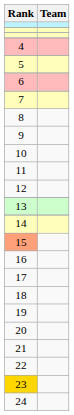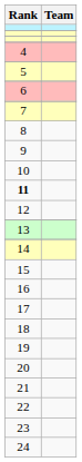 <table class="wikitable" style="text-align: center;">
 <tr>
 <th width=40>Rank</th>
 <th>Team</th>
 </tr>
 <tr bgcolor=BBF3FF>
 <td></td>
 <td align=left></td>
 </tr>
 <tr>
 </tr>
 <tr bgcolor=FFFFBB>
 <td></td>
 <td align=left></td>
 </tr>
 <tr>
 </tr>
 <tr bgcolor=FFFFBB>
 <td></td>
 <td align=left></td>
 </tr>
 <tr>
 </tr>
 <tr bgcolor=FFBBBB>
 <td>4</td>
 <td align=left></td>
 </tr>
 <tr>
 </tr>
 <tr bgcolor=FFFFBB>
 <td>5</td>
 <td align=left></td>
 </tr>
 <tr>
 </tr>
 <tr bgcolor=FFBBBB>
 <td>6</td>
 <td align=left></td>
 </tr>
 <tr>
 </tr>
 <tr bgcolor=FFFFBB>
 <td>7</td>
 <td align=left></td>
 </tr>
 <tr>
 <td>8</td>
 <td align=left></td>
 </tr>
 <tr>
 <td>9</td>
 <td align=left></td>
 </tr>
 <tr>
 <td>10</td>
 <td align=left></td>
 </tr>
 <tr>
-<td>11</td>
+<td><strong>11</strong></td>
 <td align=left></td>
 </tr>
 <tr>
 <td>12</td>
 <td align=left></td>
 </tr>
 <tr>
 </tr>
 <tr bgcolor=ccffcc>
 <td>13</td>
 <td align=left></td>
 </tr>
 <tr>
 </tr>
 <tr bgcolor=FFFFBB>
 <td>14</td>
 <td align=left></td>
 </tr>
 <tr>
-<td style="background: lightsalmon;">15</td>
+<td>15</td>
 <td align=left></td>
 </tr>
 <tr>
 <td>16</td>
 <td align=left></td>
 </tr>
 <tr>
 <td>17</td>
 <td align=left></td>
 </tr>
 <tr>
 <td>18</td>
 <td align=left></td>
 </tr>
 <tr>
 <td>19</td>
 <td align=left></td>
 </tr>
 <tr>
 <td>20</td>
 <td align=left></td>
 </tr>
 <tr>
 <td>21</td>
 <td align=left></td>
 </tr>
 <tr>
 <td>22</td>
 <td align=left></td>
 </tr>
 <tr>
-<td style="background: gold;">23</td>
+<td>23</td>
 <td align=left></td>
 </tr>
 <tr>
 <td>24</td>
 <td align=left></td>
 </tr>
 </table>
